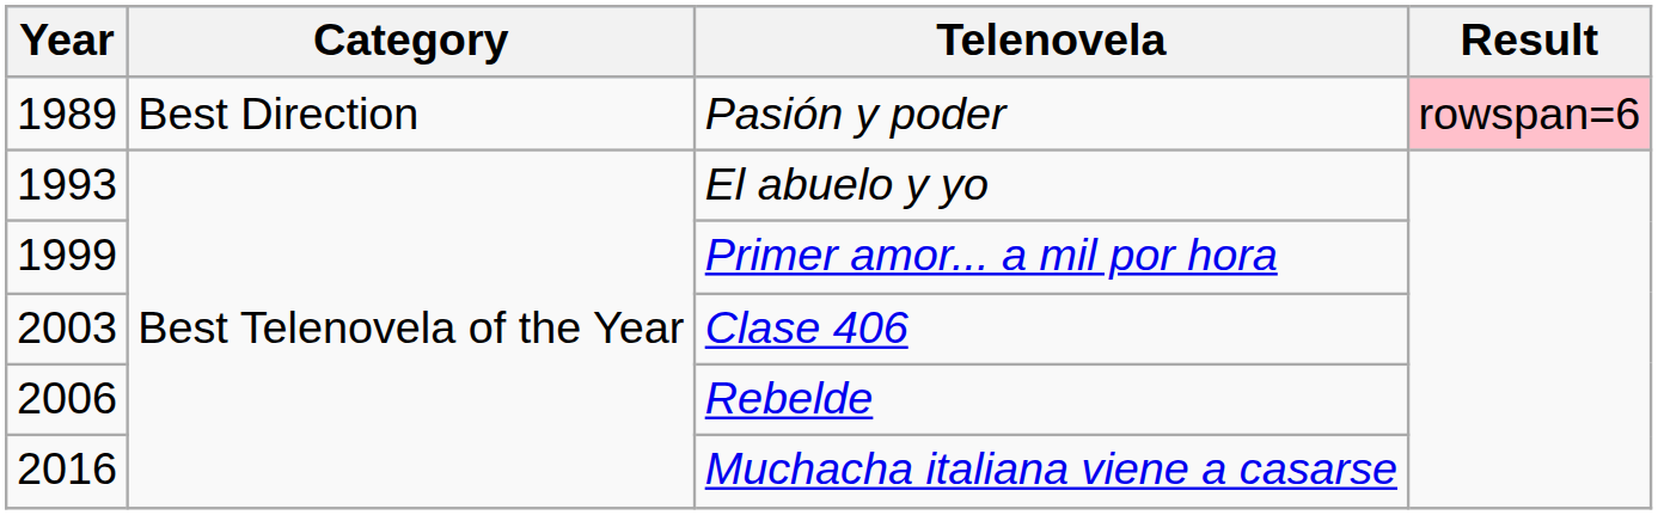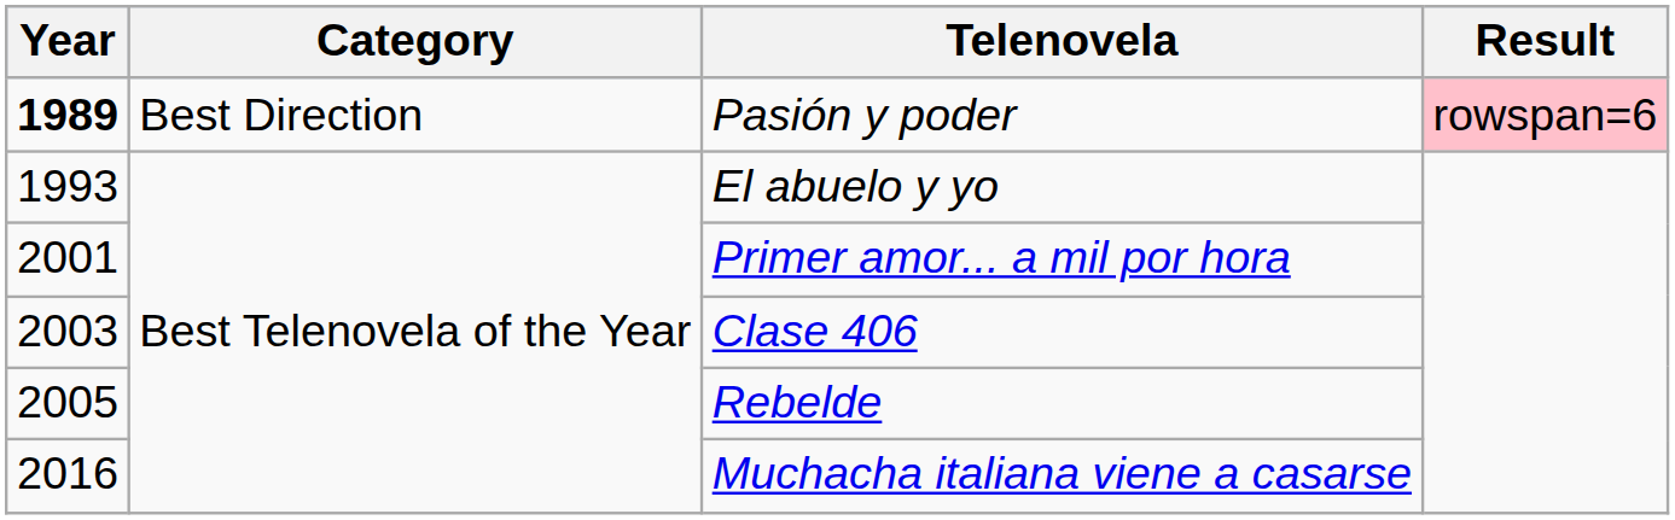 <table class="wikitable">
 <tr style="background:#b0c4de;">
 <th>Year</th>
 <th>Category</th>
 <th>Telenovela</th>
 <th>Result</th>
 </tr>
 <tr>
-<td>1989</td>
+<td><strong>1989</strong></td>
 <td>Best Direction</td>
 <td><em>Pasión y poder</em></td>
 <td style="background: pink;">rowspan=6 </td>
 </tr>
 <tr>
 <td>1993</td>
 <td rowspan=5>Best Telenovela of the Year</td>
 <td><em>El abuelo y yo</em></td>
 </tr>
 <tr>
-<td>1999</td>
+<td>2001</td>
 <td><em><a href='#'>Primer amor... a mil por hora</a></em></td>
 </tr>
 <tr>
 <td>2003</td>
 <td><em><a href='#'>Clase 406</a></em></td>
 </tr>
 <tr>
-<td>2006</td>
+<td>2005</td>
 <td><em><a href='#'>Rebelde</a></em></td>
 </tr>
 <tr>
 <td>2016</td>
 <td><em><a href='#'>Muchacha italiana viene a casarse</a></em></td>
 </tr>
 </table>
